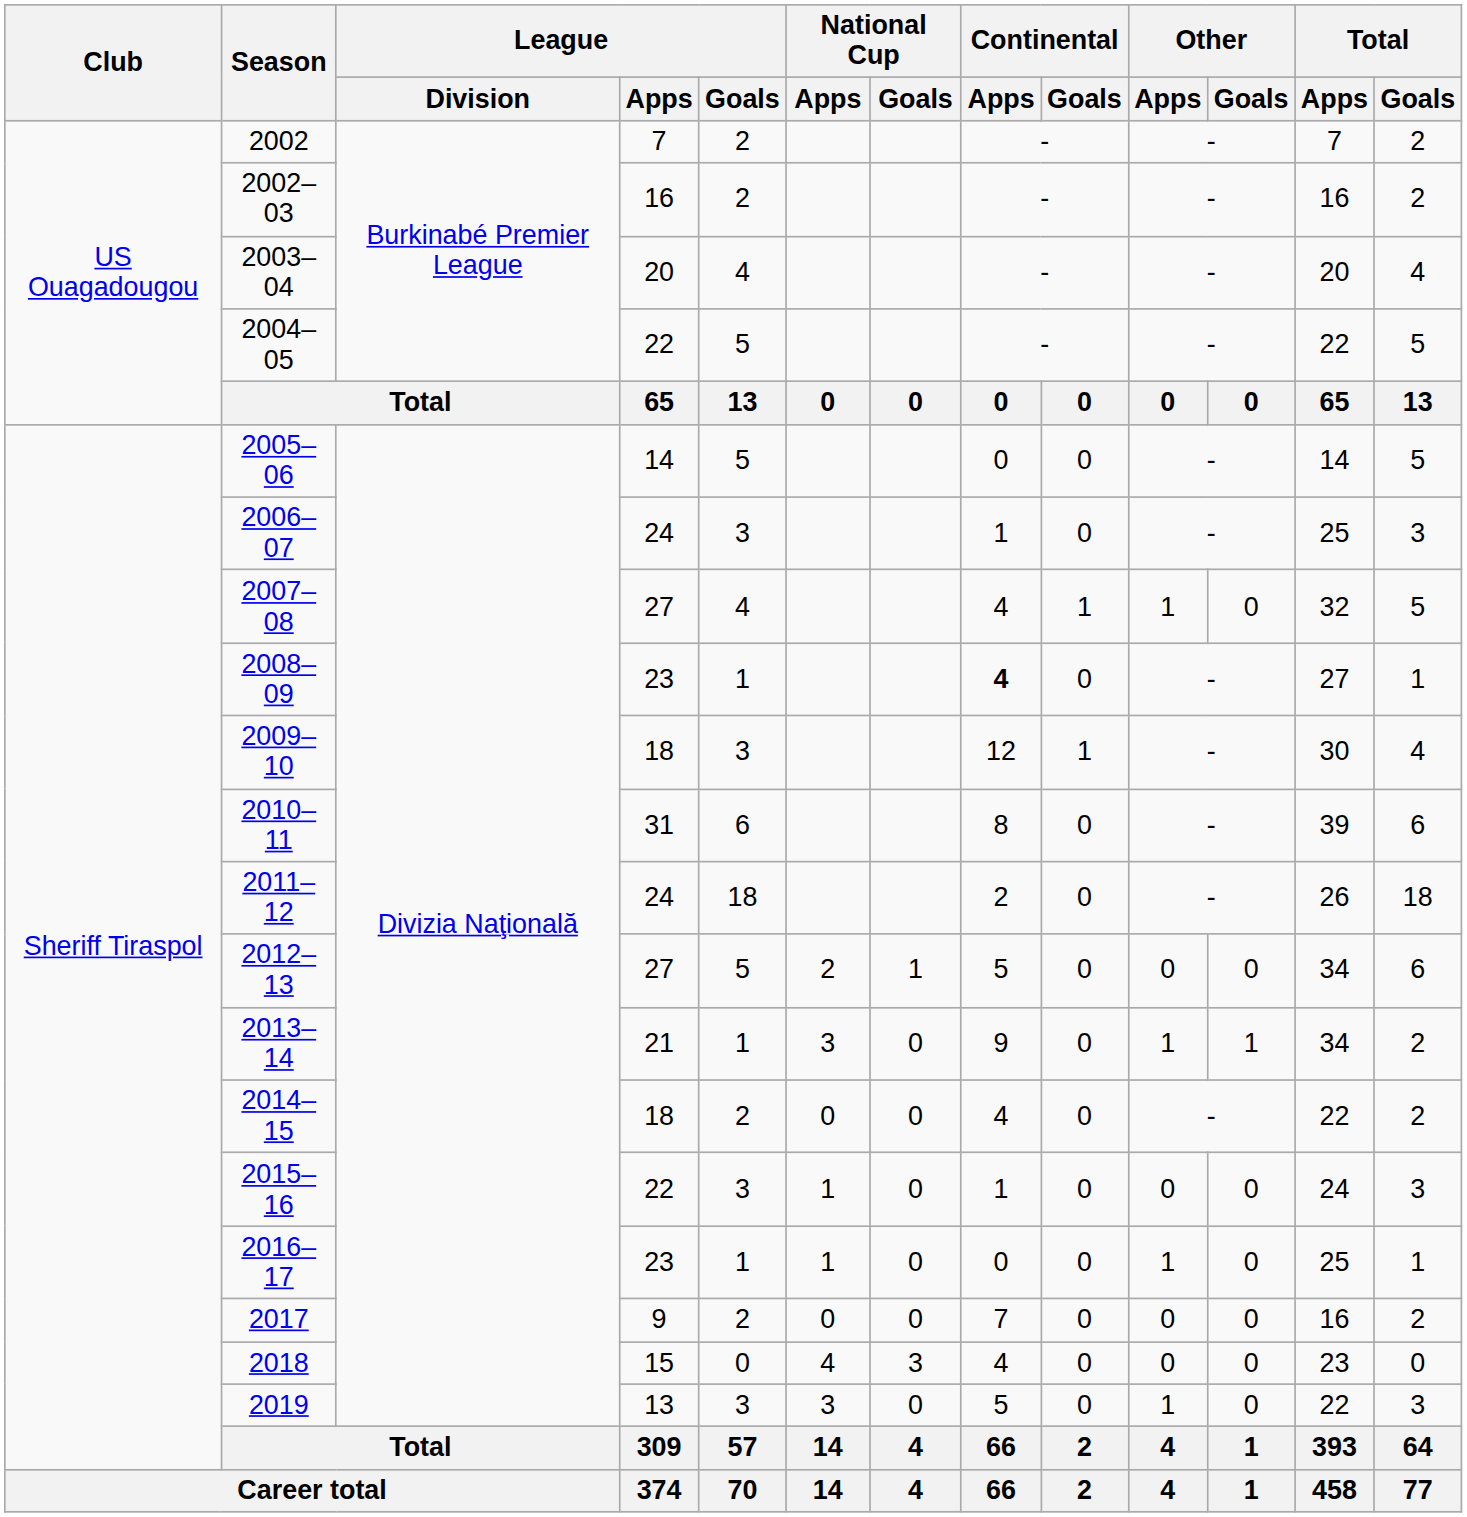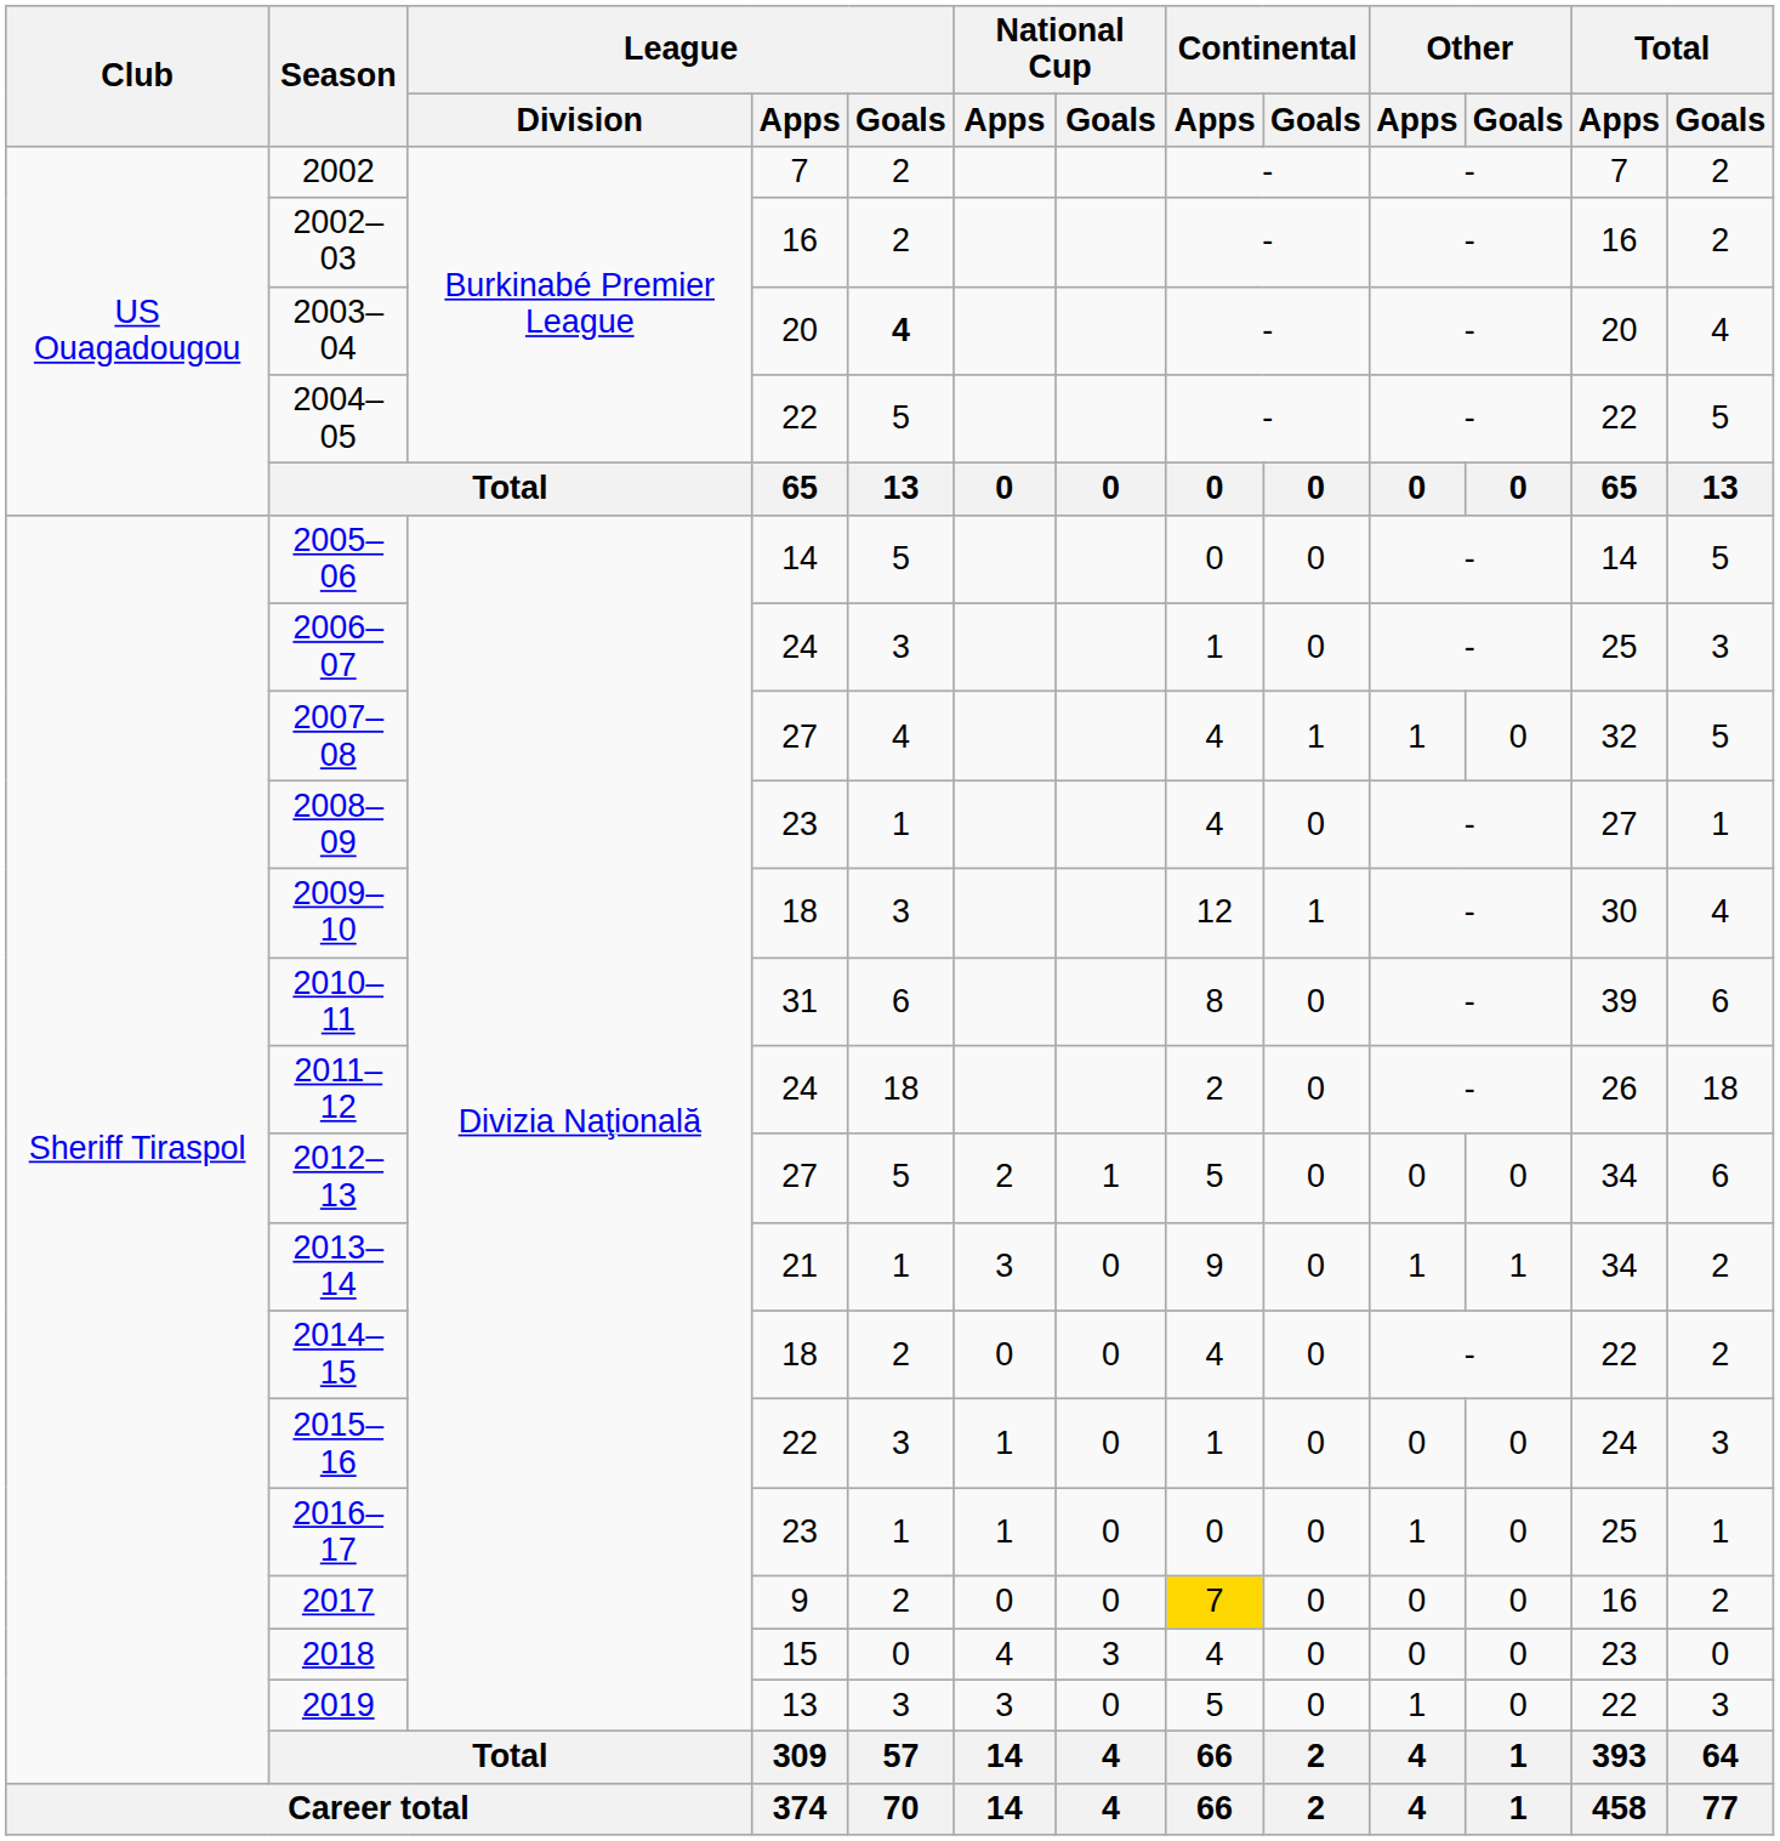 <table class="wikitable" style="text-align: center;">
 <tr>
 <th rowspan="2">Club</th>
 <th rowspan="2">Season</th>
 <th colspan="3">League</th>
 <th colspan="2">National Cup</th>
 <th colspan="2">Continental</th>
 <th colspan="2">Other</th>
 <th colspan="2">Total</th>
 </tr>
 <tr>
 <th>Division</th>
 <th>Apps</th>
 <th>Goals</th>
 <th>Apps</th>
 <th>Goals</th>
 <th>Apps</th>
 <th>Goals</th>
 <th>Apps</th>
 <th>Goals</th>
 <th>Apps</th>
 <th>Goals</th>
 </tr>
 <tr>
 <td rowspan="5" valign="center"><a href='#'>US Ouagadougou</a></td>
 <td>2002</td>
 <td rowspan="4" valign="center"><a href='#'>Burkinabé Premier League</a></td>
 <td>7</td>
 <td>2</td>
 <td></td>
 <td></td>
 <td colspan="2">-</td>
 <td colspan="2">-</td>
 <td>7</td>
 <td>2</td>
 </tr>
 <tr>
 <td>2002–03</td>
 <td>16</td>
 <td>2</td>
 <td></td>
 <td></td>
 <td colspan="2">-</td>
 <td colspan="2">-</td>
 <td>16</td>
 <td>2</td>
 </tr>
 <tr>
 <td>2003–04</td>
 <td>20</td>
-<td>4</td>
+<td><strong>4</strong></td>
 <td></td>
 <td></td>
 <td colspan="2">-</td>
 <td colspan="2">-</td>
 <td>20</td>
 <td>4</td>
 </tr>
 <tr>
 <td>2004–05</td>
 <td>22</td>
 <td>5</td>
 <td></td>
 <td></td>
 <td colspan="2">-</td>
 <td colspan="2">-</td>
 <td>22</td>
 <td>5</td>
 </tr>
 <tr>
 <th colspan="2">Total</th>
 <th>65</th>
 <th>13</th>
 <th>0</th>
 <th>0</th>
 <th>0</th>
 <th>0</th>
 <th>0</th>
 <th>0</th>
 <th>65</th>
 <th>13</th>
 </tr>
 <tr>
 <td rowspan="16" valign="center"><a href='#'>Sheriff Tiraspol</a></td>
 <td><a href='#'>2005–06</a></td>
 <td rowspan="15" valign="center"><a href='#'>Divizia Naţională</a></td>
 <td>14</td>
 <td>5</td>
 <td></td>
 <td></td>
 <td>0</td>
 <td>0</td>
 <td colspan="2">-</td>
 <td>14</td>
 <td>5</td>
 </tr>
 <tr>
 <td><a href='#'>2006–07</a></td>
 <td>24</td>
 <td>3</td>
 <td></td>
 <td></td>
 <td>1</td>
 <td>0</td>
 <td colspan="2">-</td>
 <td>25</td>
 <td>3</td>
 </tr>
 <tr>
 <td><a href='#'>2007–08</a></td>
 <td>27</td>
 <td>4</td>
 <td></td>
 <td></td>
 <td>4</td>
 <td>1</td>
 <td>1</td>
 <td>0</td>
 <td>32</td>
 <td>5</td>
 </tr>
 <tr>
 <td><a href='#'>2008–09</a></td>
 <td>23</td>
 <td>1</td>
 <td></td>
 <td></td>
-<td><strong>4</strong></td>
+<td>4</td>
 <td>0</td>
 <td colspan="2">-</td>
 <td>27</td>
 <td>1</td>
 </tr>
 <tr>
 <td><a href='#'>2009–10</a></td>
 <td>18</td>
 <td>3</td>
 <td></td>
 <td></td>
 <td>12</td>
 <td>1</td>
 <td colspan="2">-</td>
 <td>30</td>
 <td>4</td>
 </tr>
 <tr>
 <td><a href='#'>2010–11</a></td>
 <td>31</td>
 <td>6</td>
 <td></td>
 <td></td>
 <td>8</td>
 <td>0</td>
 <td colspan="2">-</td>
 <td>39</td>
 <td>6</td>
 </tr>
 <tr>
 <td><a href='#'>2011–12</a></td>
 <td>24</td>
 <td>18</td>
 <td></td>
 <td></td>
 <td>2</td>
 <td>0</td>
 <td colspan="2">-</td>
 <td>26</td>
 <td>18</td>
 </tr>
 <tr>
 <td><a href='#'>2012–13</a></td>
 <td>27</td>
 <td>5</td>
 <td>2</td>
 <td>1</td>
 <td>5</td>
 <td>0</td>
 <td>0</td>
 <td>0</td>
 <td>34</td>
 <td>6</td>
 </tr>
 <tr>
 <td><a href='#'>2013–14</a></td>
 <td>21</td>
 <td>1</td>
 <td>3</td>
 <td>0</td>
 <td>9</td>
 <td>0</td>
 <td>1</td>
 <td>1</td>
 <td>34</td>
 <td>2</td>
 </tr>
 <tr>
 <td><a href='#'>2014–15</a></td>
 <td>18</td>
 <td>2</td>
 <td>0</td>
 <td>0</td>
 <td>4</td>
 <td>0</td>
 <td colspan="2">-</td>
 <td>22</td>
 <td>2</td>
 </tr>
 <tr>
 <td><a href='#'>2015–16</a></td>
 <td>22</td>
 <td>3</td>
 <td>1</td>
 <td>0</td>
 <td>1</td>
 <td>0</td>
 <td>0</td>
 <td>0</td>
 <td>24</td>
 <td>3</td>
 </tr>
 <tr>
 <td><a href='#'>2016–17</a></td>
 <td>23</td>
 <td>1</td>
 <td>1</td>
 <td>0</td>
 <td>0</td>
 <td>0</td>
 <td>1</td>
 <td>0</td>
 <td>25</td>
 <td>1</td>
 </tr>
 <tr>
 <td><a href='#'>2017</a></td>
 <td>9</td>
 <td>2</td>
 <td>0</td>
 <td>0</td>
-<td>7</td>
+<td style="background: gold;">7</td>
 <td>0</td>
 <td>0</td>
 <td>0</td>
 <td>16</td>
 <td>2</td>
 </tr>
 <tr>
 <td><a href='#'>2018</a></td>
 <td>15</td>
 <td>0</td>
 <td>4</td>
 <td>3</td>
 <td>4</td>
 <td>0</td>
 <td>0</td>
 <td>0</td>
 <td>23</td>
 <td>0</td>
 </tr>
 <tr>
 <td><a href='#'>2019</a></td>
 <td>13</td>
 <td>3</td>
 <td>3</td>
 <td>0</td>
 <td>5</td>
 <td>0</td>
 <td>1</td>
 <td>0</td>
 <td>22</td>
 <td>3</td>
 </tr>
 <tr>
 <th colspan="2">Total</th>
 <th>309</th>
 <th>57</th>
 <th>14</th>
 <th>4</th>
 <th>66</th>
 <th>2</th>
 <th>4</th>
 <th>1</th>
 <th>393</th>
 <th>64</th>
 </tr>
 <tr>
 <th colspan="3">Career total</th>
 <th>374</th>
 <th>70</th>
 <th>14</th>
 <th>4</th>
 <th>66</th>
 <th>2</th>
 <th>4</th>
 <th>1</th>
 <th>458</th>
 <th>77</th>
 </tr>
 </table>
